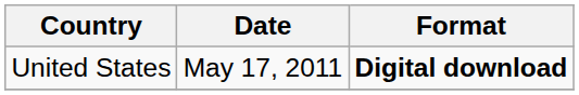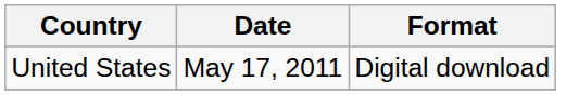 <table class="wikitable plainrowheaders">
 <tr>
 <th scope="col">Country</th>
 <th scope="col">Date</th>
 <th scope="col">Format</th>
 </tr>
 <tr>
 <td>United States</td>
 <td>May 17, 2011</td>
-<td><strong>Digital download</strong></td>
+<td>Digital download</td>
 </tr>
 <tr>
 </tr>
 </table>
